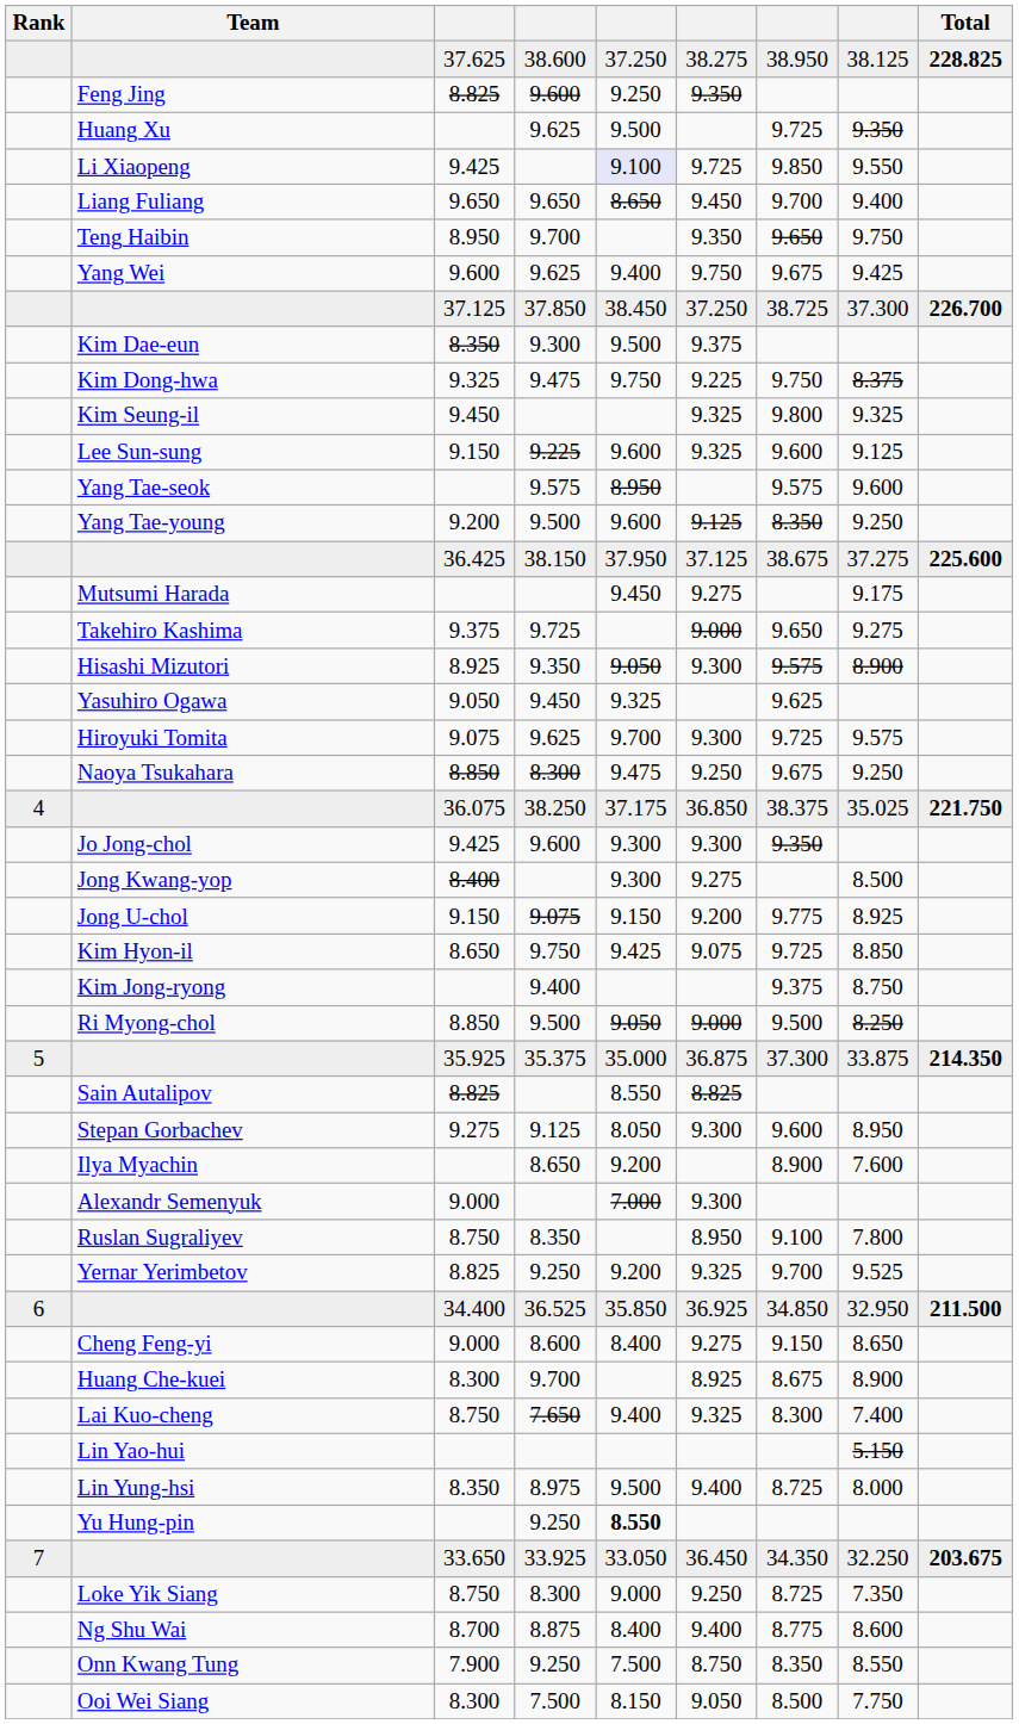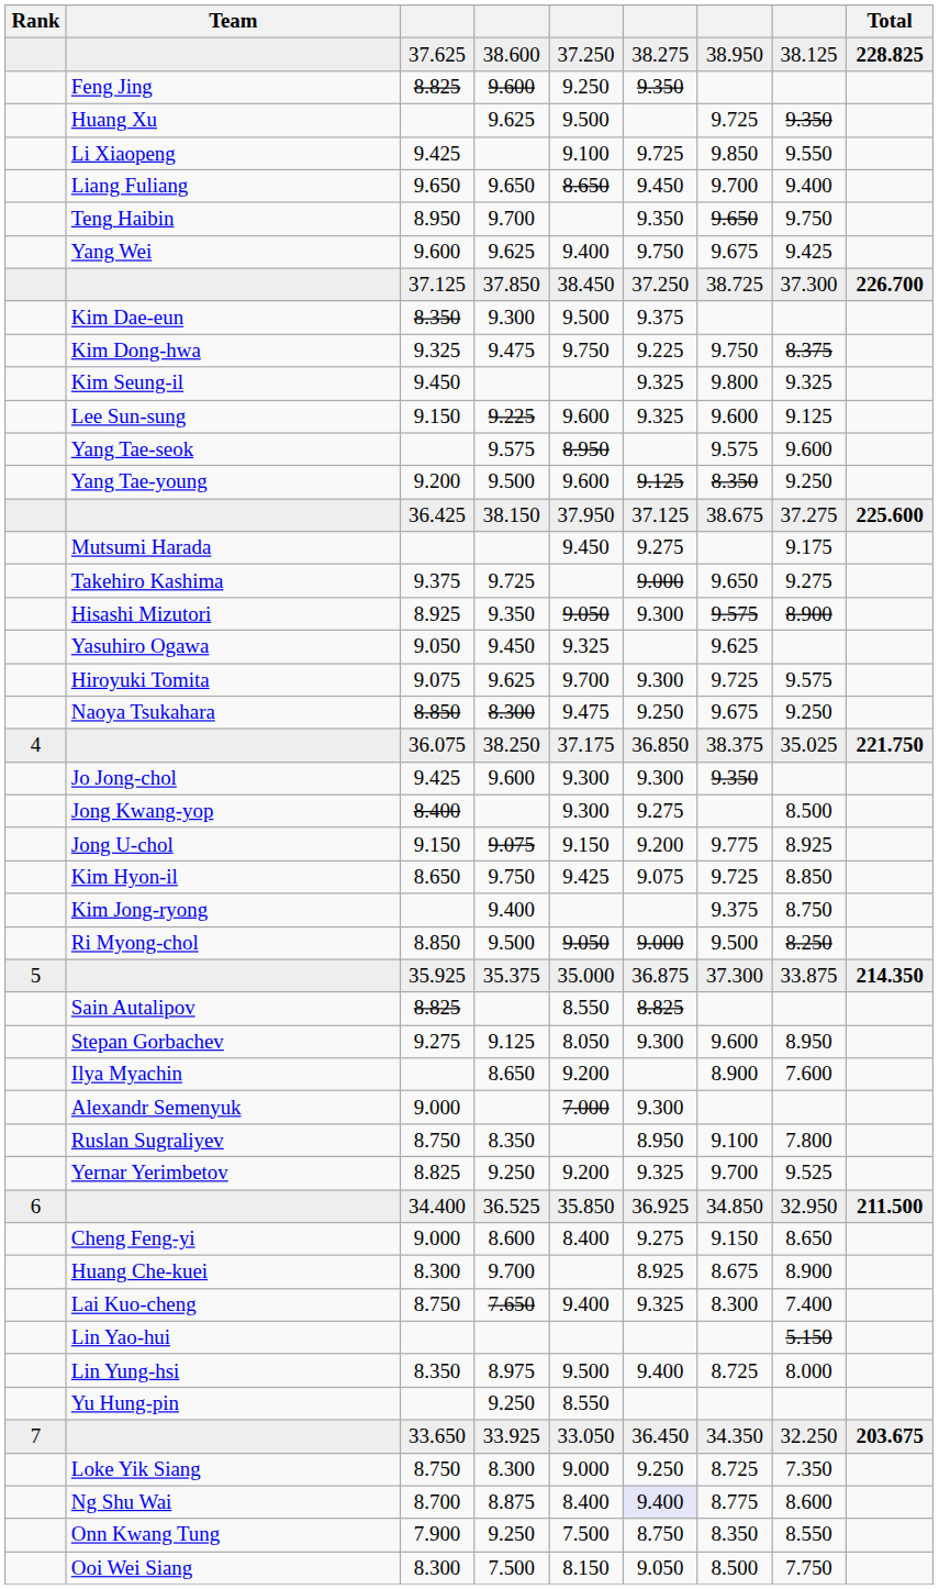 <table class=wikitable style="text-align:center">
 <tr>
 <th width=40>Rank</th>
 <th width=250>Team</th>
 <th width=50></th>
 <th width=50></th>
 <th width=50></th>
 <th width=50></th>
 <th width=50></th>
 <th width=50></th>
 <th width=60>Total</th>
 </tr>
 <tr bgcolor=eeeeee>
 <td></td>
 <td align=left></td>
 <td>37.625</td>
 <td>38.600</td>
 <td>37.250</td>
 <td>38.275</td>
 <td>38.950</td>
 <td>38.125</td>
 <td><strong>228.825</strong></td>
 </tr>
 <tr>
 <td></td>
 <td align=left><a href='#'>Feng Jing</a></td>
 <td><s>8.825</s></td>
 <td><s>9.600</s></td>
 <td>9.250</td>
 <td><s>9.350</s></td>
 <td></td>
 <td></td>
 <td></td>
 </tr>
 <tr>
 <td></td>
 <td align=left><a href='#'>Huang Xu</a></td>
 <td></td>
 <td>9.625</td>
 <td>9.500</td>
 <td></td>
 <td>9.725</td>
 <td><s>9.350</s></td>
 <td></td>
 </tr>
 <tr>
 <td></td>
 <td align=left><a href='#'>Li Xiaopeng</a></td>
 <td>9.425</td>
 <td></td>
-<td style="background: lavender;">9.100</td>
+<td>9.100</td>
 <td>9.725</td>
 <td>9.850</td>
 <td>9.550</td>
 <td></td>
 </tr>
 <tr>
 <td></td>
 <td align=left><a href='#'>Liang Fuliang</a></td>
 <td>9.650</td>
 <td>9.650</td>
 <td><s>8.650</s></td>
 <td>9.450</td>
 <td>9.700</td>
 <td>9.400</td>
 <td></td>
 </tr>
 <tr>
 <td></td>
 <td align=left><a href='#'>Teng Haibin</a></td>
 <td>8.950</td>
 <td>9.700</td>
 <td></td>
 <td>9.350</td>
 <td><s>9.650</s></td>
 <td>9.750</td>
 <td></td>
 </tr>
 <tr>
 <td></td>
 <td align=left><a href='#'>Yang Wei</a></td>
 <td>9.600</td>
 <td>9.625</td>
 <td>9.400</td>
 <td>9.750</td>
 <td>9.675</td>
 <td>9.425</td>
 <td></td>
 </tr>
 <tr bgcolor=eeeeee>
 <td></td>
 <td align=left></td>
 <td>37.125</td>
 <td>37.850</td>
 <td>38.450</td>
 <td>37.250</td>
 <td>38.725</td>
 <td>37.300</td>
 <td><strong>226.700</strong></td>
 </tr>
 <tr>
 <td></td>
 <td align=left><a href='#'>Kim Dae-eun</a></td>
 <td><s>8.350</s></td>
 <td>9.300</td>
 <td>9.500</td>
 <td>9.375</td>
 <td></td>
 <td></td>
 <td></td>
 </tr>
 <tr>
 <td></td>
 <td align=left><a href='#'>Kim Dong-hwa</a></td>
 <td>9.325</td>
 <td>9.475</td>
 <td>9.750</td>
 <td>9.225</td>
 <td>9.750</td>
 <td><s>8.375</s></td>
 <td></td>
 </tr>
 <tr>
 <td></td>
 <td align=left><a href='#'>Kim Seung-il</a></td>
 <td>9.450</td>
 <td></td>
 <td></td>
 <td>9.325</td>
 <td>9.800</td>
 <td>9.325</td>
 <td></td>
 </tr>
 <tr>
 <td></td>
 <td align=left><a href='#'>Lee Sun-sung</a></td>
 <td>9.150</td>
 <td><s>9.225</s></td>
 <td>9.600</td>
 <td>9.325</td>
 <td>9.600</td>
 <td>9.125</td>
 <td></td>
 </tr>
 <tr>
 <td></td>
 <td align=left><a href='#'>Yang Tae-seok</a></td>
 <td></td>
 <td>9.575</td>
 <td><s>8.950</s></td>
 <td></td>
 <td>9.575</td>
 <td>9.600</td>
 <td></td>
 </tr>
 <tr>
 <td></td>
 <td align=left><a href='#'>Yang Tae-young</a></td>
 <td>9.200</td>
 <td>9.500</td>
 <td>9.600</td>
 <td><s>9.125</s></td>
 <td><s>8.350</s></td>
 <td>9.250</td>
 <td></td>
 </tr>
 <tr bgcolor=eeeeee>
 <td></td>
 <td align=left></td>
 <td>36.425</td>
 <td>38.150</td>
 <td>37.950</td>
 <td>37.125</td>
 <td>38.675</td>
 <td>37.275</td>
 <td><strong>225.600</strong></td>
 </tr>
 <tr>
 <td></td>
 <td align=left><a href='#'>Mutsumi Harada</a></td>
 <td></td>
 <td></td>
 <td>9.450</td>
 <td>9.275</td>
 <td></td>
 <td>9.175</td>
 <td></td>
 </tr>
 <tr>
 <td></td>
 <td align=left><a href='#'>Takehiro Kashima</a></td>
 <td>9.375</td>
 <td>9.725</td>
 <td></td>
 <td><s>9.000</s></td>
 <td>9.650</td>
 <td>9.275</td>
 <td></td>
 </tr>
 <tr>
 <td></td>
 <td align=left><a href='#'>Hisashi Mizutori</a></td>
 <td>8.925</td>
 <td>9.350</td>
 <td><s>9.050</s></td>
 <td>9.300</td>
 <td><s>9.575</s></td>
 <td><s>8.900</s></td>
 <td></td>
 </tr>
 <tr>
 <td></td>
 <td align=left><a href='#'>Yasuhiro Ogawa</a></td>
 <td>9.050</td>
 <td>9.450</td>
 <td>9.325</td>
 <td></td>
 <td>9.625</td>
 <td></td>
 <td></td>
 </tr>
 <tr>
 <td></td>
 <td align=left><a href='#'>Hiroyuki Tomita</a></td>
 <td>9.075</td>
 <td>9.625</td>
 <td>9.700</td>
 <td>9.300</td>
 <td>9.725</td>
 <td>9.575</td>
 <td></td>
 </tr>
 <tr>
 <td></td>
 <td align=left><a href='#'>Naoya Tsukahara</a></td>
 <td><s>8.850</s></td>
 <td><s>8.300</s></td>
 <td>9.475</td>
 <td>9.250</td>
 <td>9.675</td>
 <td>9.250</td>
 <td></td>
 </tr>
 <tr bgcolor=eeeeee>
 <td>4</td>
 <td align=left></td>
 <td>36.075</td>
 <td>38.250</td>
 <td>37.175</td>
 <td>36.850</td>
 <td>38.375</td>
 <td>35.025</td>
 <td><strong>221.750</strong></td>
 </tr>
 <tr>
 <td></td>
 <td align=left><a href='#'>Jo Jong-chol</a></td>
 <td>9.425</td>
 <td>9.600</td>
 <td>9.300</td>
 <td>9.300</td>
 <td><s>9.350</s></td>
 <td></td>
 <td></td>
 </tr>
 <tr>
 <td></td>
 <td align=left><a href='#'>Jong Kwang-yop</a></td>
 <td><s>8.400</s></td>
 <td></td>
 <td>9.300</td>
 <td>9.275</td>
 <td></td>
 <td>8.500</td>
 <td></td>
 </tr>
 <tr>
 <td></td>
 <td align=left><a href='#'>Jong U-chol</a></td>
 <td>9.150</td>
 <td><s>9.075</s></td>
 <td>9.150</td>
 <td>9.200</td>
 <td>9.775</td>
 <td>8.925</td>
 <td></td>
 </tr>
 <tr>
 <td></td>
 <td align=left><a href='#'>Kim Hyon-il</a></td>
 <td>8.650</td>
 <td>9.750</td>
 <td>9.425</td>
 <td>9.075</td>
 <td>9.725</td>
 <td>8.850</td>
 <td></td>
 </tr>
 <tr>
 <td></td>
 <td align=left><a href='#'>Kim Jong-ryong</a></td>
 <td></td>
 <td>9.400</td>
 <td></td>
 <td></td>
 <td>9.375</td>
 <td>8.750</td>
 <td></td>
 </tr>
 <tr>
 <td></td>
 <td align=left><a href='#'>Ri Myong-chol</a></td>
 <td>8.850</td>
 <td>9.500</td>
 <td><s>9.050</s></td>
 <td><s>9.000</s></td>
 <td>9.500</td>
 <td><s>8.250</s></td>
 <td></td>
 </tr>
 <tr bgcolor=eeeeee>
 <td>5</td>
 <td align=left></td>
 <td>35.925</td>
 <td>35.375</td>
 <td>35.000</td>
 <td>36.875</td>
 <td>37.300</td>
 <td>33.875</td>
 <td><strong>214.350</strong></td>
 </tr>
 <tr>
 <td></td>
 <td align=left><a href='#'>Sain Autalipov</a></td>
 <td><s>8.825</s></td>
 <td></td>
 <td>8.550</td>
 <td><s>8.825</s></td>
 <td></td>
 <td></td>
 <td></td>
 </tr>
 <tr>
 <td></td>
 <td align=left><a href='#'>Stepan Gorbachev</a></td>
 <td>9.275</td>
 <td>9.125</td>
 <td>8.050</td>
 <td>9.300</td>
 <td>9.600</td>
 <td>8.950</td>
 <td></td>
 </tr>
 <tr>
 <td></td>
 <td align=left><a href='#'>Ilya Myachin</a></td>
 <td></td>
 <td>8.650</td>
 <td>9.200</td>
 <td></td>
 <td>8.900</td>
 <td>7.600</td>
 <td></td>
 </tr>
 <tr>
 <td></td>
 <td align=left><a href='#'>Alexandr Semenyuk</a></td>
 <td>9.000</td>
 <td></td>
 <td><s>7.000</s></td>
 <td>9.300</td>
 <td></td>
 <td></td>
 <td></td>
 </tr>
 <tr>
 <td></td>
 <td align=left><a href='#'>Ruslan Sugraliyev</a></td>
 <td>8.750</td>
 <td>8.350</td>
 <td></td>
 <td>8.950</td>
 <td>9.100</td>
 <td>7.800</td>
 <td></td>
 </tr>
 <tr>
 <td></td>
 <td align=left><a href='#'>Yernar Yerimbetov</a></td>
 <td>8.825</td>
 <td>9.250</td>
 <td>9.200</td>
 <td>9.325</td>
 <td>9.700</td>
 <td>9.525</td>
 <td></td>
 </tr>
 <tr bgcolor=eeeeee>
 <td>6</td>
 <td align=left></td>
 <td>34.400</td>
 <td>36.525</td>
 <td>35.850</td>
 <td>36.925</td>
 <td>34.850</td>
 <td>32.950</td>
 <td><strong>211.500</strong></td>
 </tr>
 <tr>
 <td></td>
 <td align=left><a href='#'>Cheng Feng-yi</a></td>
 <td>9.000</td>
 <td>8.600</td>
 <td>8.400</td>
 <td>9.275</td>
 <td>9.150</td>
 <td>8.650</td>
 <td></td>
 </tr>
 <tr>
 <td></td>
 <td align=left><a href='#'>Huang Che-kuei</a></td>
 <td>8.300</td>
 <td>9.700</td>
 <td></td>
 <td>8.925</td>
 <td>8.675</td>
 <td>8.900</td>
 <td></td>
 </tr>
 <tr>
 <td></td>
 <td align=left><a href='#'>Lai Kuo-cheng</a></td>
 <td>8.750</td>
 <td><s>7.650</s></td>
 <td>9.400</td>
 <td>9.325</td>
 <td>8.300</td>
 <td>7.400</td>
 <td></td>
 </tr>
 <tr>
 <td></td>
 <td align=left><a href='#'>Lin Yao-hui</a></td>
 <td></td>
 <td></td>
 <td></td>
 <td></td>
 <td></td>
 <td><s>5.150</s></td>
 <td></td>
 </tr>
 <tr>
 <td></td>
 <td align=left><a href='#'>Lin Yung-hsi</a></td>
 <td>8.350</td>
 <td>8.975</td>
 <td>9.500</td>
 <td>9.400</td>
 <td>8.725</td>
 <td>8.000</td>
 <td></td>
 </tr>
 <tr>
 <td></td>
 <td align=left><a href='#'>Yu Hung-pin</a></td>
 <td></td>
 <td>9.250</td>
-<td><strong>8.550</strong></td>
+<td>8.550</td>
 <td></td>
 <td></td>
 <td></td>
 <td></td>
 </tr>
 <tr bgcolor=eeeeee>
 <td>7</td>
 <td align=left></td>
 <td>33.650</td>
 <td>33.925</td>
 <td>33.050</td>
 <td>36.450</td>
 <td>34.350</td>
 <td>32.250</td>
 <td><strong>203.675</strong></td>
 </tr>
 <tr>
 <td></td>
 <td align=left><a href='#'>Loke Yik Siang</a></td>
 <td>8.750</td>
 <td>8.300</td>
 <td>9.000</td>
 <td>9.250</td>
 <td>8.725</td>
 <td>7.350</td>
 <td></td>
 </tr>
 <tr>
 <td></td>
 <td align=left><a href='#'>Ng Shu Wai</a></td>
 <td>8.700</td>
 <td>8.875</td>
 <td>8.400</td>
-<td>9.400</td>
+<td style="background: lavender;">9.400</td>
 <td>8.775</td>
 <td>8.600</td>
 <td></td>
 </tr>
 <tr>
 <td></td>
 <td align=left><a href='#'>Onn Kwang Tung</a></td>
 <td>7.900</td>
 <td>9.250</td>
 <td>7.500</td>
 <td>8.750</td>
 <td>8.350</td>
 <td>8.550</td>
 <td></td>
 </tr>
 <tr>
 <td></td>
 <td align=left><a href='#'>Ooi Wei Siang</a></td>
 <td>8.300</td>
 <td>7.500</td>
 <td>8.150</td>
 <td>9.050</td>
 <td>8.500</td>
 <td>7.750</td>
 <td></td>
 </tr>
 </table>
